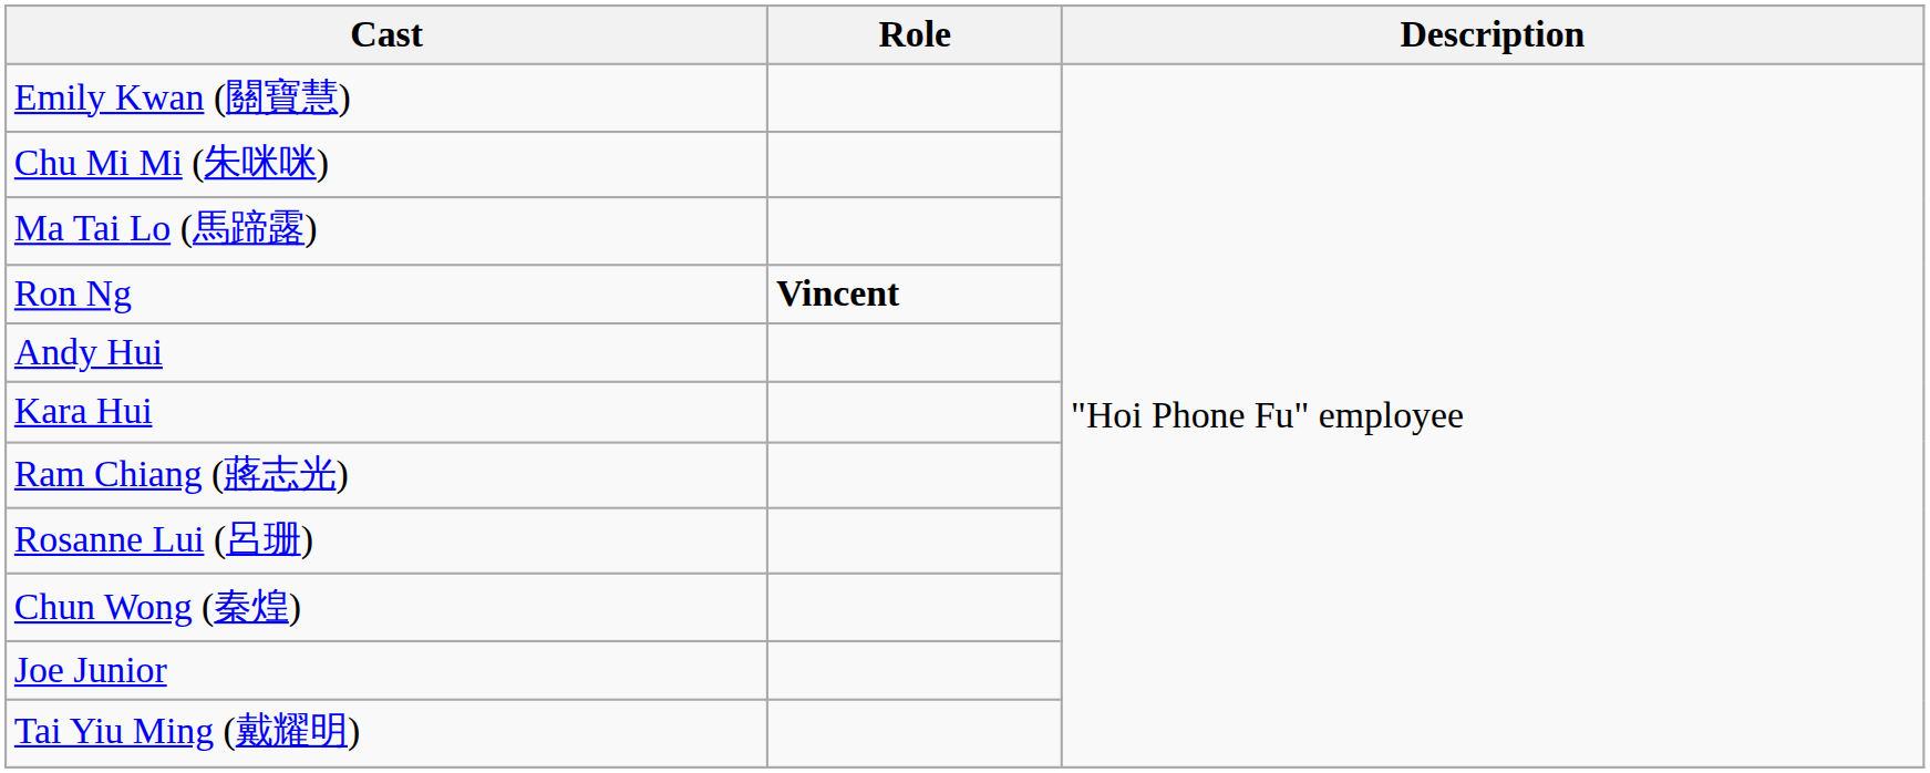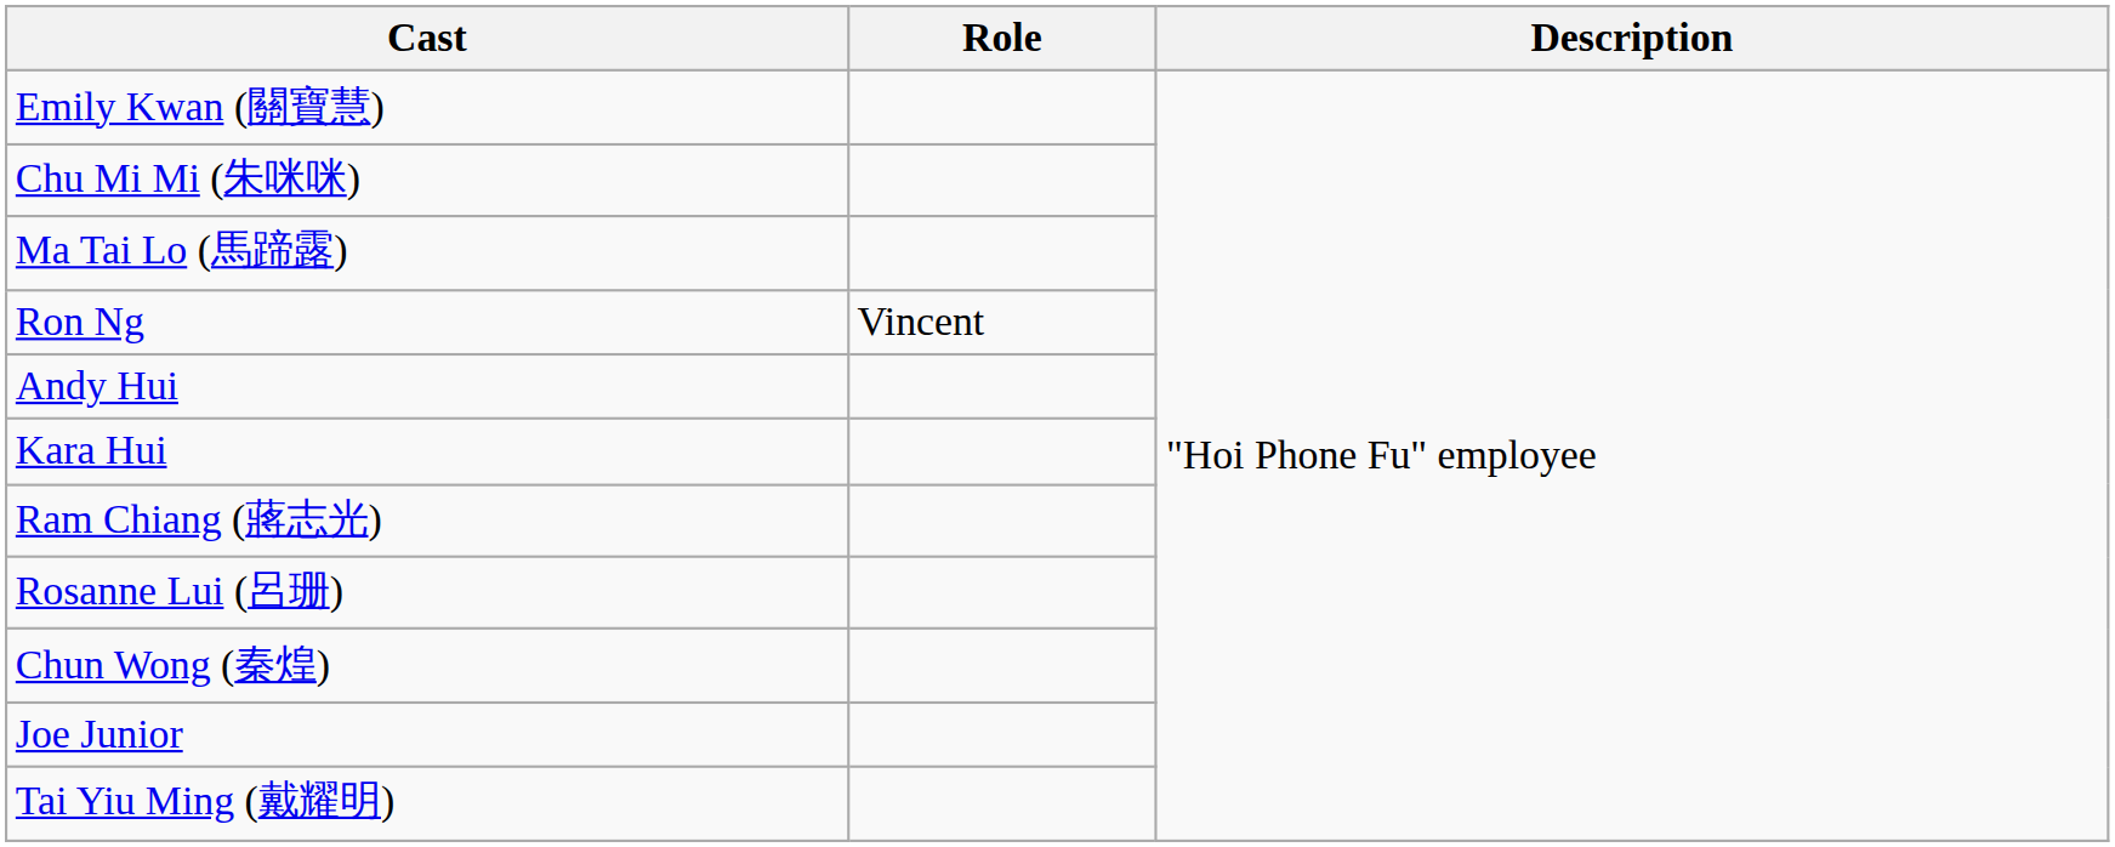 <table class="wikitable" width="65%">
 <tr>
 <th>Cast</th>
 <th>Role</th>
 <th>Description</th>
 </tr>
 <tr>
 <td><a href='#'>Emily Kwan</a> (<a href='#'>關寶慧</a>)</td>
 <td></td>
 <td rowspan="11">"Hoi Phone Fu" employee</td>
 </tr>
 <tr>
 <td><a href='#'>Chu Mi Mi</a> (<a href='#'>朱咪咪</a>)</td>
 <td></td>
 </tr>
 <tr>
 <td><a href='#'>Ma Tai Lo</a> (<a href='#'>馬蹄露</a>)</td>
 <td></td>
 </tr>
 <tr>
 <td><a href='#'>Ron Ng</a></td>
-<td><strong>Vincent</strong></td>
+<td>Vincent</td>
 </tr>
 <tr>
 <td><a href='#'>Andy Hui</a></td>
 <td></td>
 </tr>
 <tr>
 <td><a href='#'>Kara Hui</a></td>
 <td></td>
 </tr>
 <tr>
 <td><a href='#'>Ram Chiang</a> (<a href='#'>蔣志光</a>)</td>
 <td></td>
 </tr>
 <tr>
 <td><a href='#'>Rosanne Lui</a> (<a href='#'>呂珊</a>)</td>
 <td></td>
 </tr>
 <tr>
 <td><a href='#'>Chun Wong</a> (<a href='#'>秦煌</a>)</td>
 <td></td>
 </tr>
 <tr>
 <td><a href='#'>Joe Junior</a></td>
 <td></td>
 </tr>
 <tr>
 <td><a href='#'>Tai Yiu Ming</a> (<a href='#'>戴耀明</a>)</td>
 <td></td>
 </tr>
 </table>
